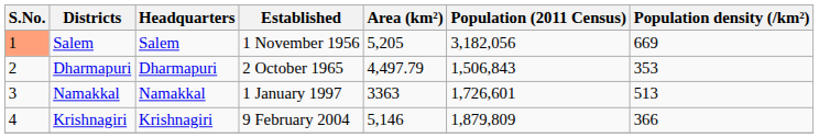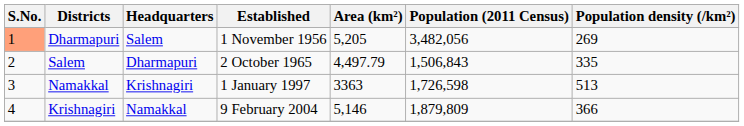 <table class="wikitable">
 <tr>
 <th>S.No.</th>
 <th>Districts</th>
 <th>Headquarters</th>
 <th>Established</th>
 <th>Area (km²)</th>
 <th>Population (2011 Census)</th>
 <th>Population density (/km²)</th>
 </tr>
 <tr>
 <td style="background: lightsalmon;">1</td>
-<td><a href='#'>Salem</a></td>
+<td><a href='#'>Dharmapuri</a></td>
 <td><a href='#'>Salem</a></td>
 <td>1 November 1956</td>
 <td>5,205</td>
-<td>3,182,056</td>
-<td>669</td>
+<td>3,482,056</td>
+<td>269</td>
 </tr>
 <tr>
 <td>2</td>
-<td><a href='#'>Dharmapuri</a></td>
+<td><a href='#'>Salem</a></td>
 <td><a href='#'>Dharmapuri</a></td>
 <td>2 October 1965</td>
 <td>4,497.79</td>
 <td>1,506,843</td>
-<td>353</td>
+<td>335</td>
 </tr>
 <tr>
 <td>3</td>
 <td><a href='#'>Namakkal</a></td>
-<td><a href='#'>Namakkal</a></td>
+<td><a href='#'>Krishnagiri</a></td>
 <td>1 January 1997</td>
 <td>3363</td>
-<td>1,726,601</td>
+<td>1,726,598</td>
 <td>513</td>
 </tr>
 <tr>
 <td>4</td>
 <td><a href='#'>Krishnagiri</a></td>
-<td><a href='#'>Krishnagiri</a></td>
+<td><a href='#'>Namakkal</a></td>
 <td>9 February 2004</td>
 <td>5,146</td>
 <td>1,879,809</td>
 <td>366</td>
 </tr>
 <tr>
 </tr>
 </table>
